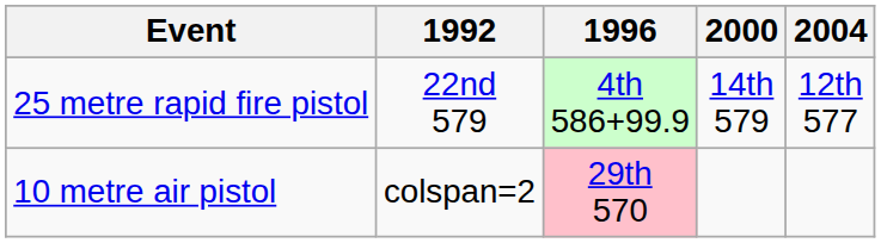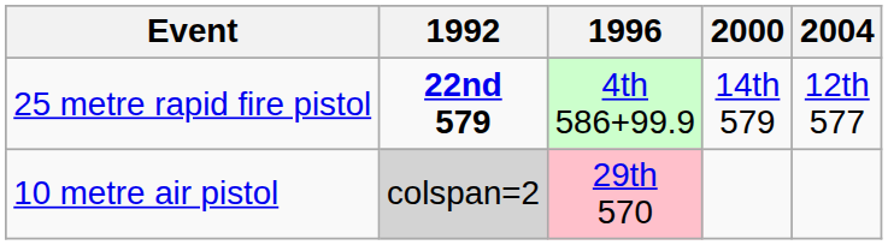 <table class="wikitable" style="text-align: center">
 <tr>
 <th>Event</th>
 <th>1992</th>
 <th>1996</th>
 <th>2000</th>
 <th>2004</th>
 </tr>
 <tr>
 <td align=left><a href='#'>25 metre rapid fire pistol</a></td>
-<td><a href='#'>22nd</a><br>579</td>
+<td><strong><a href='#'>22nd</a><br>579</strong></td>
 <td style="background: #ccffcc"><a href='#'>4th</a><br>586+99.9</td>
 <td><a href='#'>14th</a><br>579</td>
 <td><a href='#'>12th</a><br>577</td>
 </tr>
 <tr>
 <td align=left><a href='#'>10 metre air pistol</a></td>
-<td>colspan=2 </td>
+<td style="background: lightgrey;">colspan=2 </td>
 <td style="background: pink;"><a href='#'>29th</a><br>570</td>
 <td></td>
 </tr>
 </table>
